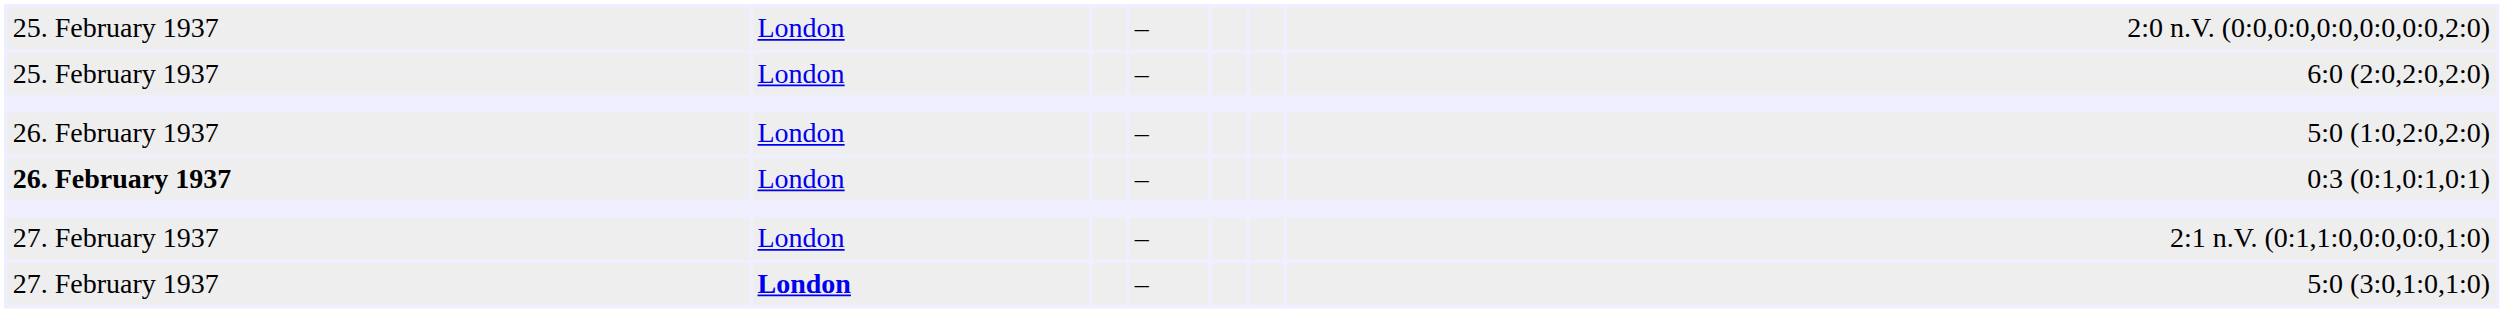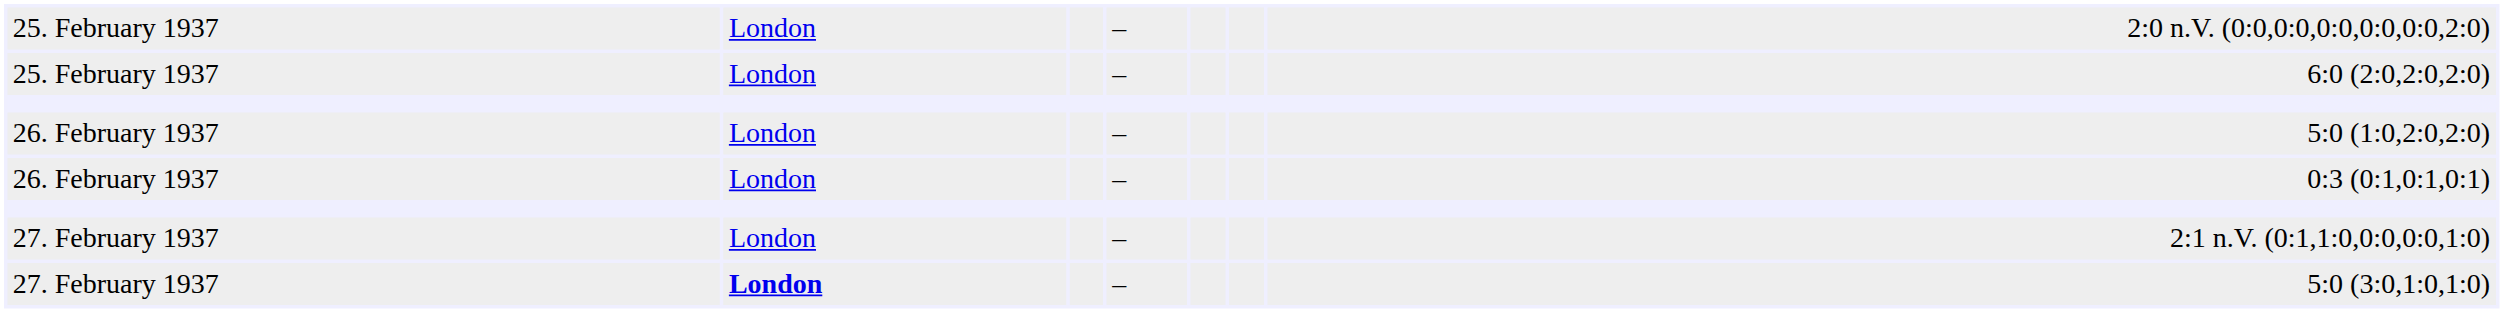 <table cellspacing="2" border="0" cellpadding="3" bgcolor="#EFEFFF" width="90%">
 <tr>
 <td bgcolor="#EEEEEE">25. February 1937</td>
 <td bgcolor="#EEEEEE"><a href='#'>London</a></td>
 <td bgcolor="#EEEEEE"></td>
 <td bgcolor="#EEEEEE">–</td>
 <td bgcolor="#EEEEEE"></td>
 <td bgcolor="#EEEEEE"></td>
 <td bgcolor="#EEEEEE" align="right">2:0 n.V. (0:0,0:0,0:0,0:0,0:0,2:0)</td>
 </tr>
 <tr>
 <td bgcolor="#EEEEEE">25. February 1937</td>
 <td bgcolor="#EEEEEE"><a href='#'>London</a></td>
 <td bgcolor="#EEEEEE"></td>
 <td bgcolor="#EEEEEE">–</td>
 <td bgcolor="#EEEEEE"></td>
 <td bgcolor="#EEEEEE"></td>
 <td bgcolor="#EEEEEE" align="right">6:0 (2:0,2:0,2:0)</td>
 </tr>
 <tr>
 <td></td>
 </tr>
 <tr>
 <td bgcolor="#EEEEEE">26. February 1937</td>
 <td bgcolor="#EEEEEE"><a href='#'>London</a></td>
 <td bgcolor="#EEEEEE"></td>
 <td bgcolor="#EEEEEE">–</td>
 <td bgcolor="#EEEEEE"></td>
 <td bgcolor="#EEEEEE"></td>
 <td bgcolor="#EEEEEE" align="right">5:0 (1:0,2:0,2:0)</td>
 </tr>
 <tr>
-<td bgcolor="#EEEEEE"><strong>26. February 1937</strong></td>
+<td bgcolor="#EEEEEE">26. February 1937</td>
 <td bgcolor="#EEEEEE"><a href='#'>London</a></td>
 <td bgcolor="#EEEEEE"></td>
 <td bgcolor="#EEEEEE">–</td>
 <td bgcolor="#EEEEEE"></td>
 <td bgcolor="#EEEEEE"></td>
 <td bgcolor="#EEEEEE" align="right">0:3 (0:1,0:1,0:1)</td>
 </tr>
 <tr>
 <td></td>
 </tr>
 <tr>
 <td bgcolor="#EEEEEE">27. February 1937</td>
 <td bgcolor="#EEEEEE"><a href='#'>London</a></td>
 <td bgcolor="#EEEEEE"></td>
 <td bgcolor="#EEEEEE">–</td>
 <td bgcolor="#EEEEEE"></td>
 <td bgcolor="#EEEEEE"></td>
 <td bgcolor="#EEEEEE" align="right">2:1 n.V. (0:1,1:0,0:0,0:0,1:0)</td>
 </tr>
 <tr>
 <td bgcolor="#EEEEEE">27. February 1937</td>
 <td bgcolor="#EEEEEE"><strong><a href='#'>London</a></strong></td>
 <td bgcolor="#EEEEEE"></td>
 <td bgcolor="#EEEEEE">–</td>
 <td bgcolor="#EEEEEE"></td>
 <td bgcolor="#EEEEEE"></td>
 <td bgcolor="#EEEEEE" align="right">5:0 (3:0,1:0,1:0)</td>
 </tr>
 </table>
